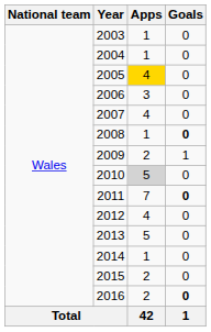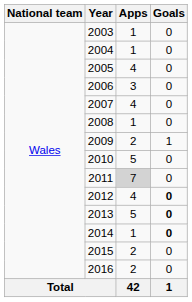 <table class="wikitable" style="text-align: center;">
 <tr>
 <th>National team</th>
 <th>Year</th>
 <th>Apps</th>
 <th>Goals</th>
 </tr>
 <tr>
 <td rowspan="14"><a href='#'>Wales</a></td>
 <td>2003</td>
 <td>1</td>
 <td>0</td>
 </tr>
 <tr>
 <td>2004</td>
 <td>1</td>
 <td>0</td>
 </tr>
 <tr>
 <td>2005</td>
-<td style="background: gold;">4</td>
+<td>4</td>
 <td>0</td>
 </tr>
 <tr>
 <td>2006</td>
 <td>3</td>
 <td>0</td>
 </tr>
 <tr>
 <td>2007</td>
 <td>4</td>
 <td>0</td>
 </tr>
 <tr>
 <td>2008</td>
 <td>1</td>
-<td><strong>0</strong></td>
+<td>0</td>
 </tr>
 <tr>
 <td>2009</td>
 <td>2</td>
 <td>1</td>
 </tr>
 <tr>
 <td>2010</td>
-<td style="background: lightgrey;">5</td>
+<td>5</td>
 <td>0</td>
 </tr>
 <tr>
 <td>2011</td>
-<td>7</td>
-<td><strong>0</strong></td>
+<td style="background: lightgrey;">7</td>
+<td>0</td>
 </tr>
 <tr>
 <td>2012</td>
 <td>4</td>
-<td>0</td>
+<td><strong>0</strong></td>
 </tr>
 <tr>
 <td>2013</td>
 <td>5</td>
-<td>0</td>
+<td><strong>0</strong></td>
 </tr>
 <tr>
 <td>2014</td>
 <td>1</td>
-<td>0</td>
+<td><strong>0</strong></td>
 </tr>
 <tr>
 <td>2015</td>
 <td>2</td>
 <td>0</td>
 </tr>
 <tr>
 <td>2016</td>
 <td>2</td>
-<td><strong>0</strong></td>
+<td>0</td>
 </tr>
 <tr>
 <th colspan="2">Total</th>
 <th>42</th>
 <th>1</th>
 </tr>
 </table>
